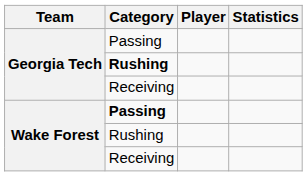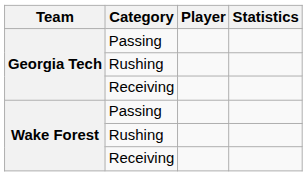 <table class="wikitable" style="float:right">
 <tr>
 <th>Team</th>
 <th>Category</th>
 <th>Player</th>
 <th>Statistics</th>
 </tr>
 <tr>
 <th rowspan=3>Georgia Tech</th>
 <td>Passing</td>
 <td></td>
 <td></td>
 </tr>
 <tr>
-<td><strong>Rushing</strong></td>
+<td>Rushing</td>
 <td></td>
 <td></td>
 </tr>
 <tr>
 <td>Receiving</td>
 <td></td>
 <td></td>
 </tr>
 <tr>
 <th rowspan=3>Wake Forest</th>
-<td><strong>Passing</strong></td>
+<td>Passing</td>
 <td></td>
 <td></td>
 </tr>
 <tr>
 <td>Rushing</td>
 <td></td>
 <td></td>
 </tr>
 <tr>
 <td>Receiving</td>
 <td></td>
 <td></td>
 </tr>
 </table>
